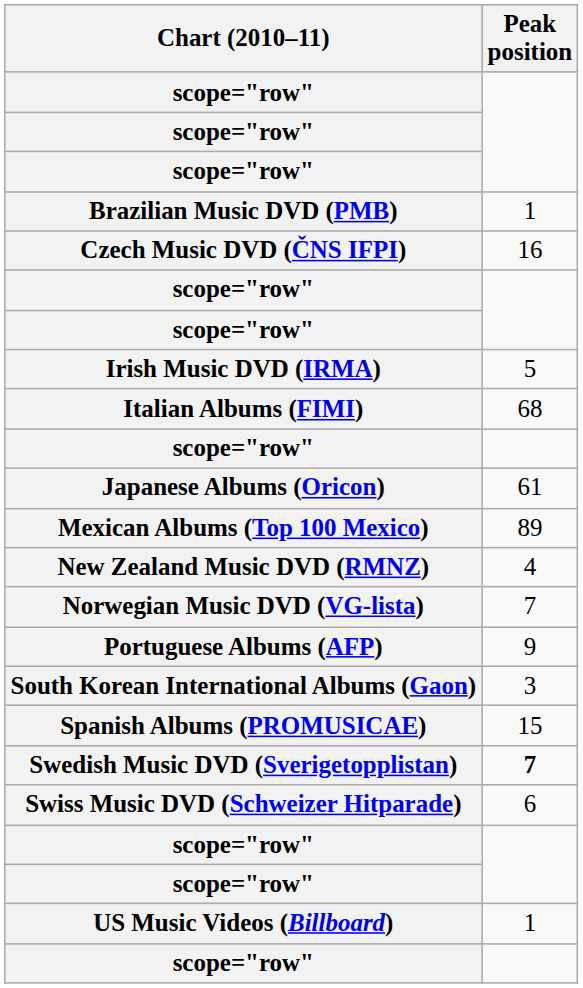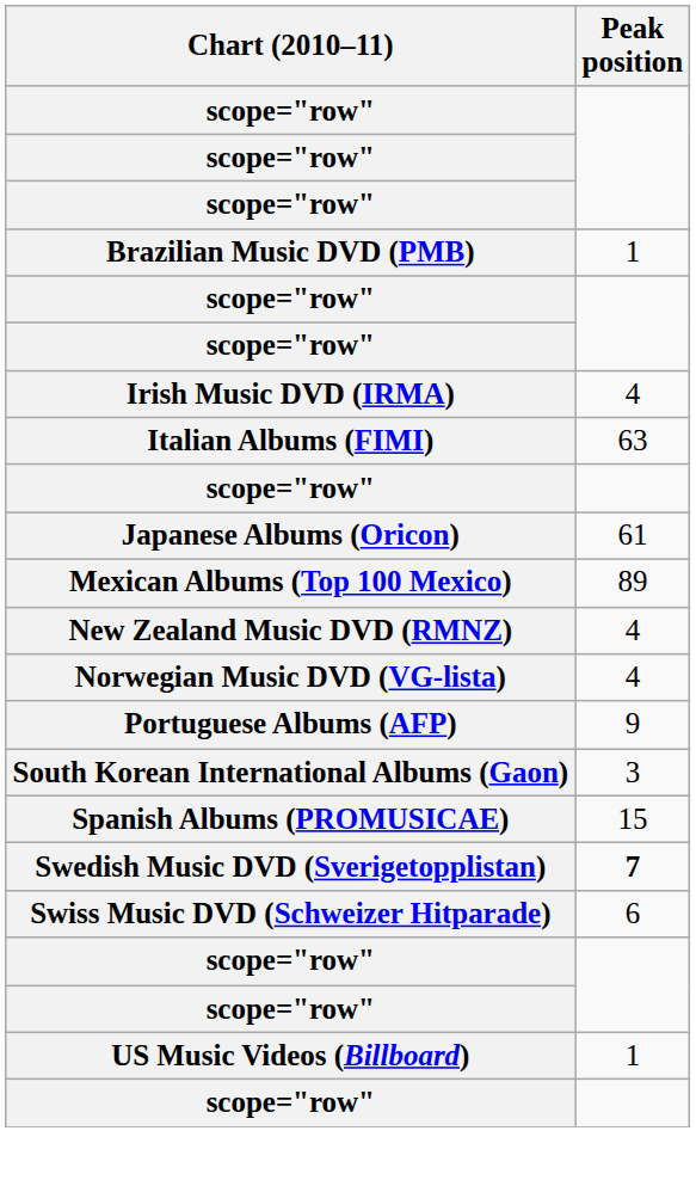 <table class="wikitable sortable plainrowheaders" style=text-align:center>
 <tr>
 <th scope="col">Chart (2010–11)</th>
 <th scope="col">Peak<br>position</th>
 </tr>
 <tr>
 <th>scope="row"</th>
 </tr>
 <tr>
 <th>scope="row"</th>
 </tr>
 <tr>
 <th>scope="row"</th>
 </tr>
 <tr>
 <th scope="row">Brazilian Music DVD (<a href='#'>PMB</a>)</th>
 <td align="center">1</td>
 </tr>
 <tr>
-<th scope="row">Czech Music DVD (<a href='#'>ČNS IFPI</a>)</th>
-<td align="center">16</td>
-</tr>
-<tr>
 <th>scope="row"</th>
 </tr>
 <tr>
 <th>scope="row"</th>
 </tr>
 <tr>
 <th scope="row">Irish Music DVD (<a href='#'>IRMA</a>)</th>
-<td align="center">5</td>
+<td align="center">4</td>
 </tr>
 <tr>
 <th scope="row">Italian Albums (<a href='#'>FIMI</a>)</th>
-<td align="center">68</td>
+<td align="center">63</td>
 </tr>
 <tr>
 <th>scope="row"</th>
 </tr>
 <tr>
 <th scope="row">Japanese Albums (<a href='#'>Oricon</a>)</th>
 <td align="center">61</td>
 </tr>
 <tr>
 <th scope="row">Mexican Albums (<a href='#'>Top 100 Mexico</a>)</th>
 <td align="center">89</td>
 </tr>
 <tr>
 <th scope="row">New Zealand Music DVD (<a href='#'>RMNZ</a>)</th>
 <td align="center">4</td>
 </tr>
 <tr>
 <th scope="row">Norwegian Music DVD (<a href='#'>VG-lista</a>)</th>
-<td align="center">7</td>
+<td align="center">4</td>
 </tr>
 <tr>
 <th scope="row">Portuguese Albums (<a href='#'>AFP</a>)</th>
 <td align="center">9</td>
 </tr>
 <tr>
 <th scope="row">South Korean International Albums (<a href='#'>Gaon</a>)</th>
 <td align="center">3</td>
 </tr>
 <tr>
 <th scope="row">Spanish Albums (<a href='#'>PROMUSICAE</a>)</th>
 <td align="center">15</td>
 </tr>
 <tr>
 <th scope="row">Swedish Music DVD (<a href='#'>Sverigetopplistan</a>)</th>
 <td align="center"><strong>7</strong></td>
 </tr>
 <tr>
 <th scope="row">Swiss Music DVD (<a href='#'>Schweizer Hitparade</a>)</th>
 <td align="center">6</td>
 </tr>
 <tr>
 <th>scope="row"</th>
 </tr>
 <tr>
 <th>scope="row"</th>
 </tr>
 <tr>
 <th scope="row">US Music Videos (<em><a href='#'>Billboard</a></em>)</th>
 <td align="center">1</td>
 </tr>
 <tr>
 <th>scope="row"</th>
 </tr>
 </table>
